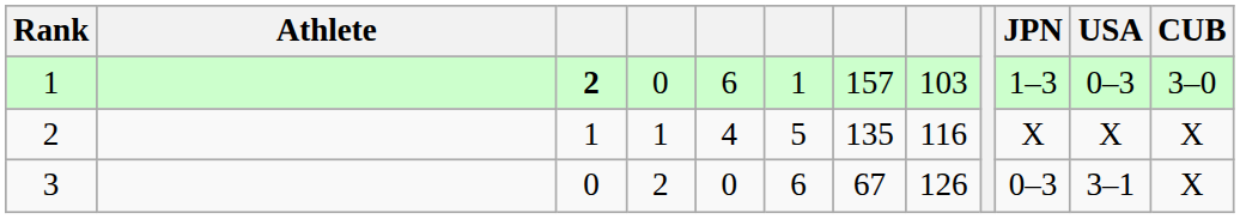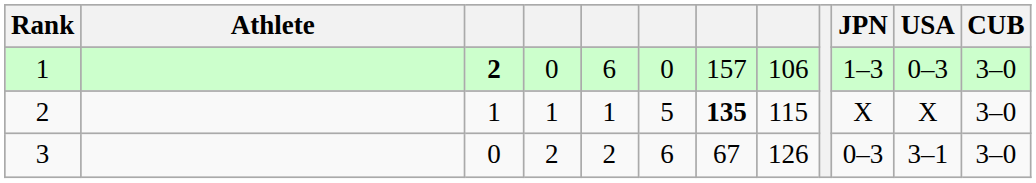 <table class="wikitable" style="text-align:center">
 <tr>
 <th>Rank</th>
 <th width=250>Athlete</th>
 <th width=30></th>
 <th width=30></th>
 <th width=30></th>
 <th width=30></th>
 <th width=30></th>
 <th width=30></th>
 <th rowspan=4></th>
 <th width=30>JPN</th>
 <th width=30>USA</th>
 <th width=30>CUB</th>
 </tr>
 <tr bgcolor=#ccffcc>
 <td>1</td>
 <td align=left></td>
 <td><strong>2</strong></td>
 <td>0</td>
 <td>6</td>
-<td>1</td>
+<td>0</td>
 <td>157</td>
-<td>103</td>
+<td>106</td>
 <td>1–3</td>
 <td>0–3</td>
 <td>3–0</td>
 </tr>
 <tr>
 <td>2</td>
 <td align=left></td>
 <td>1</td>
 <td>1</td>
-<td>4</td>
+<td>1</td>
 <td>5</td>
-<td>135</td>
-<td>116</td>
+<td><strong>135</strong></td>
+<td>115</td>
 <td>X</td>
 <td>X</td>
-<td>X</td>
+<td>3–0</td>
 </tr>
 <tr>
 <td>3</td>
 <td align=left></td>
 <td>0</td>
 <td>2</td>
-<td>0</td>
+<td>2</td>
 <td>6</td>
 <td>67</td>
 <td>126</td>
 <td>0–3</td>
 <td>3–1</td>
-<td>X</td>
+<td>3–0</td>
 </tr>
 </table>
